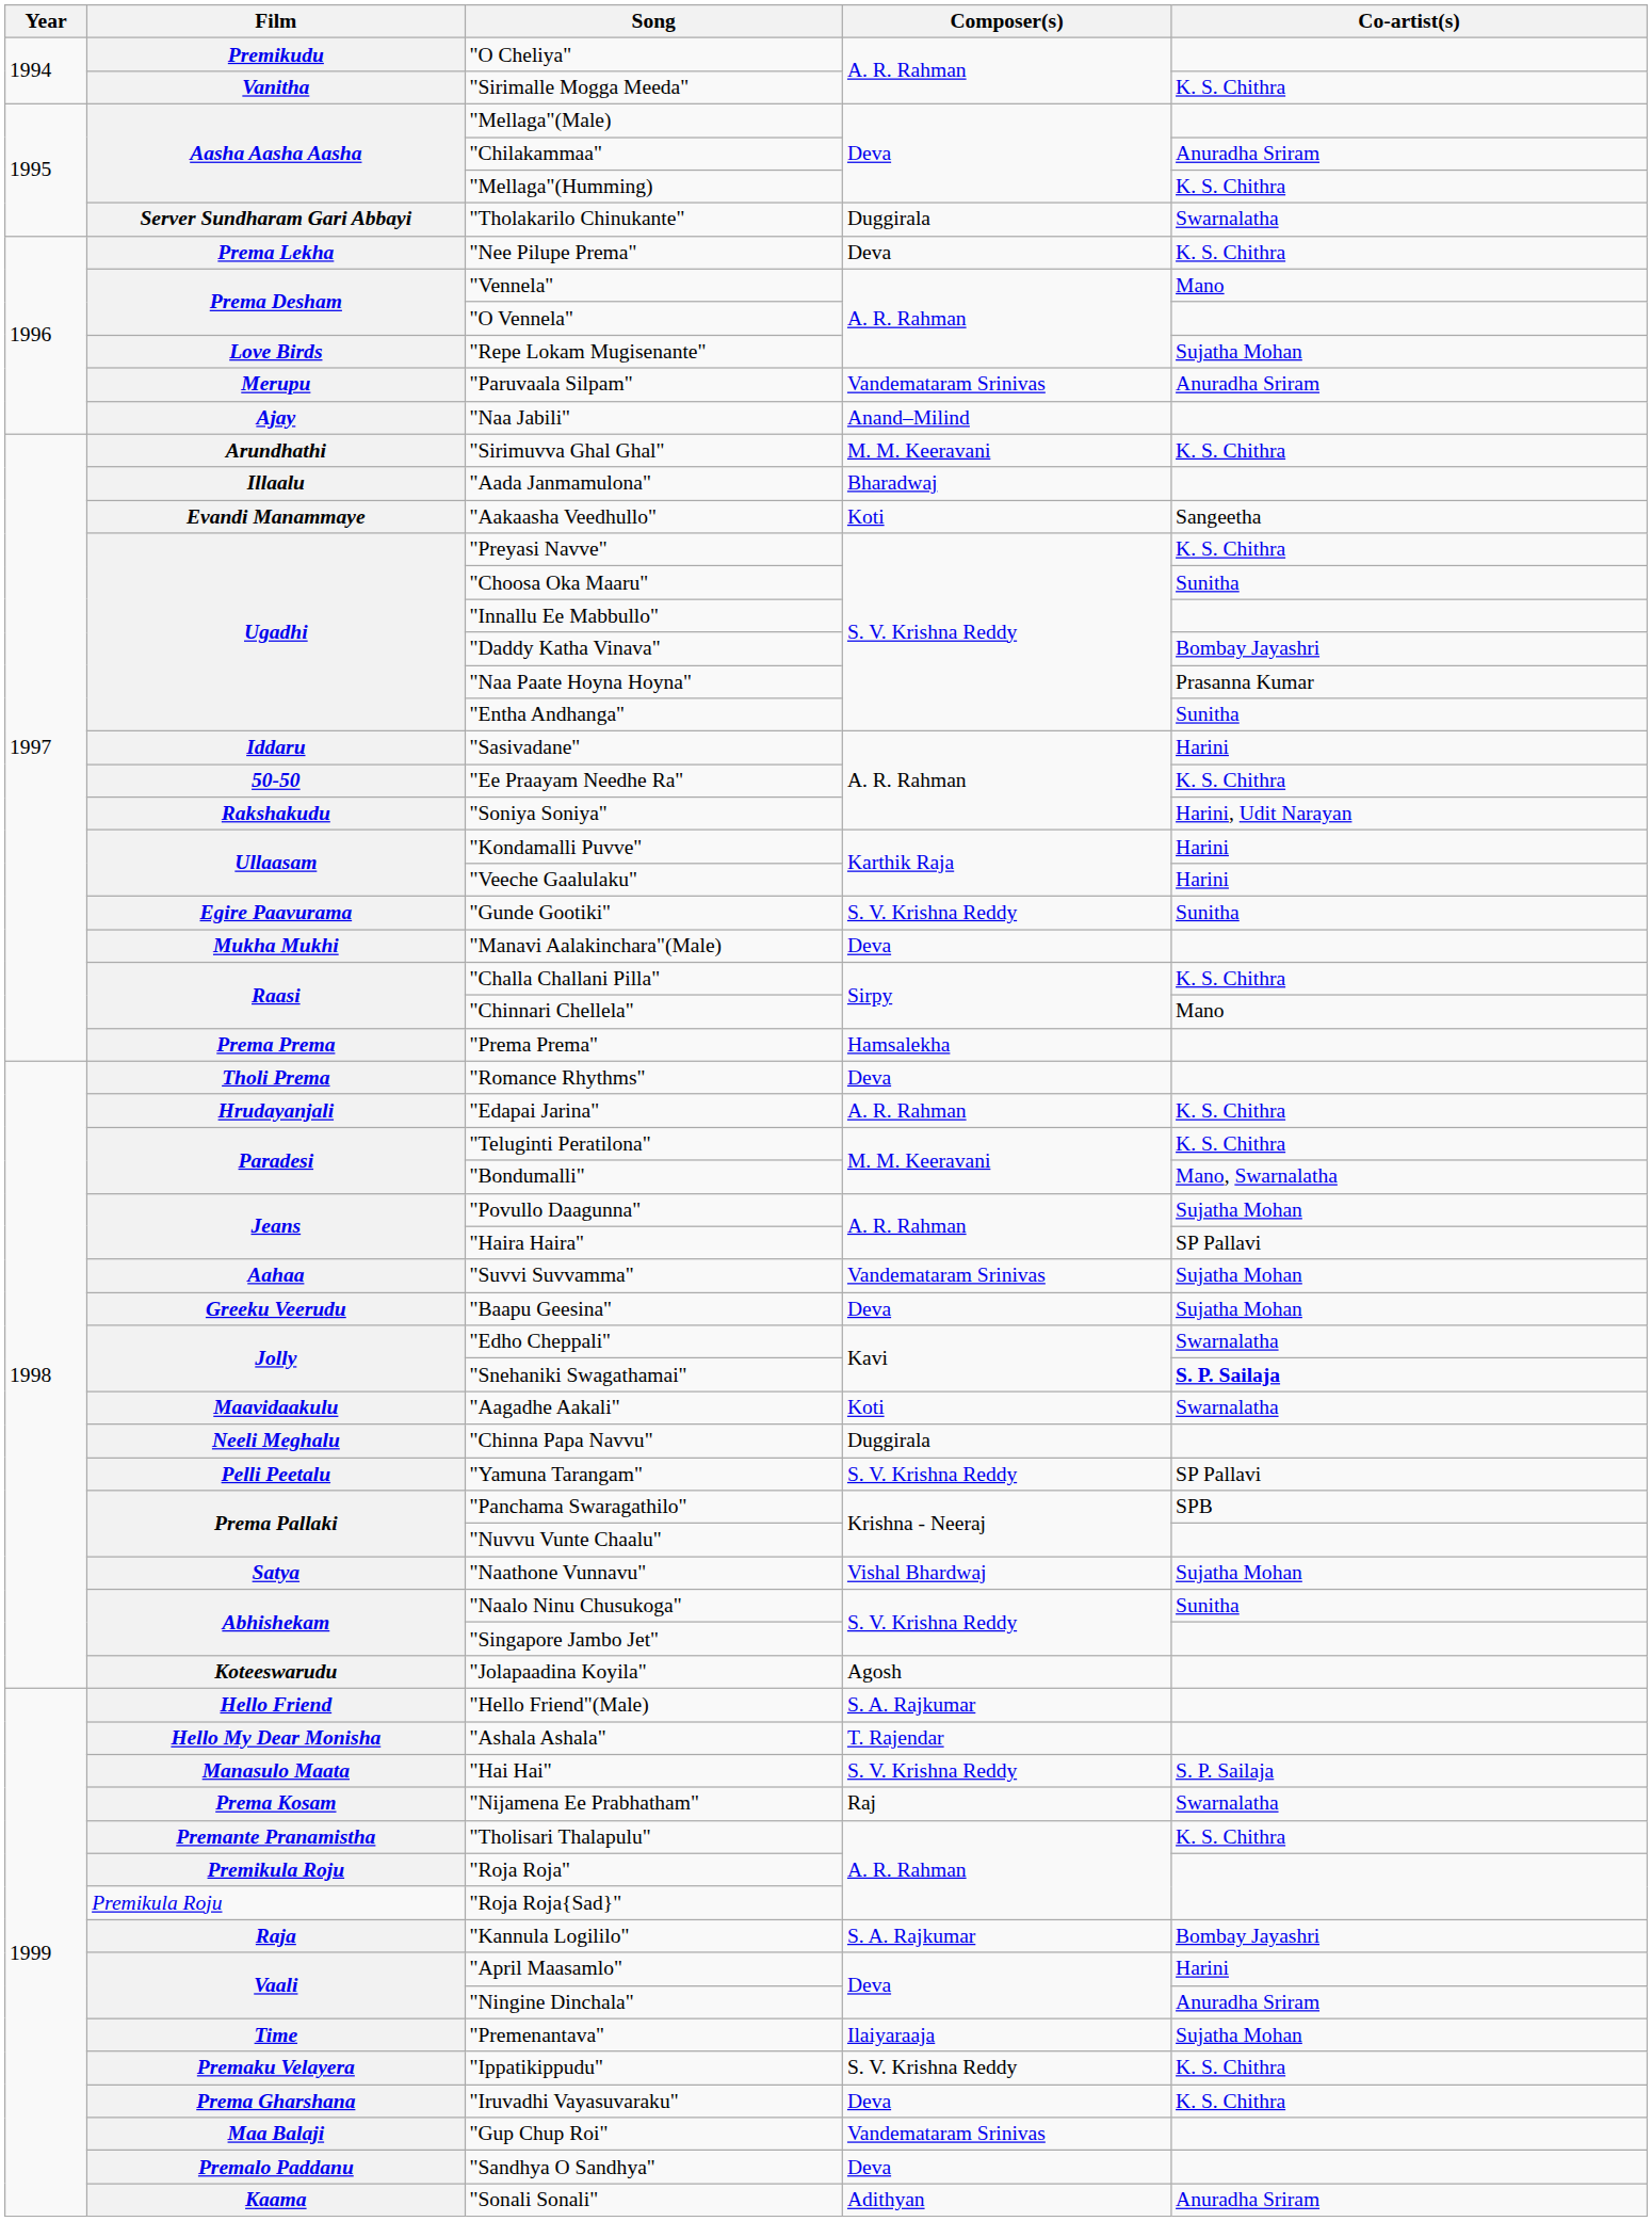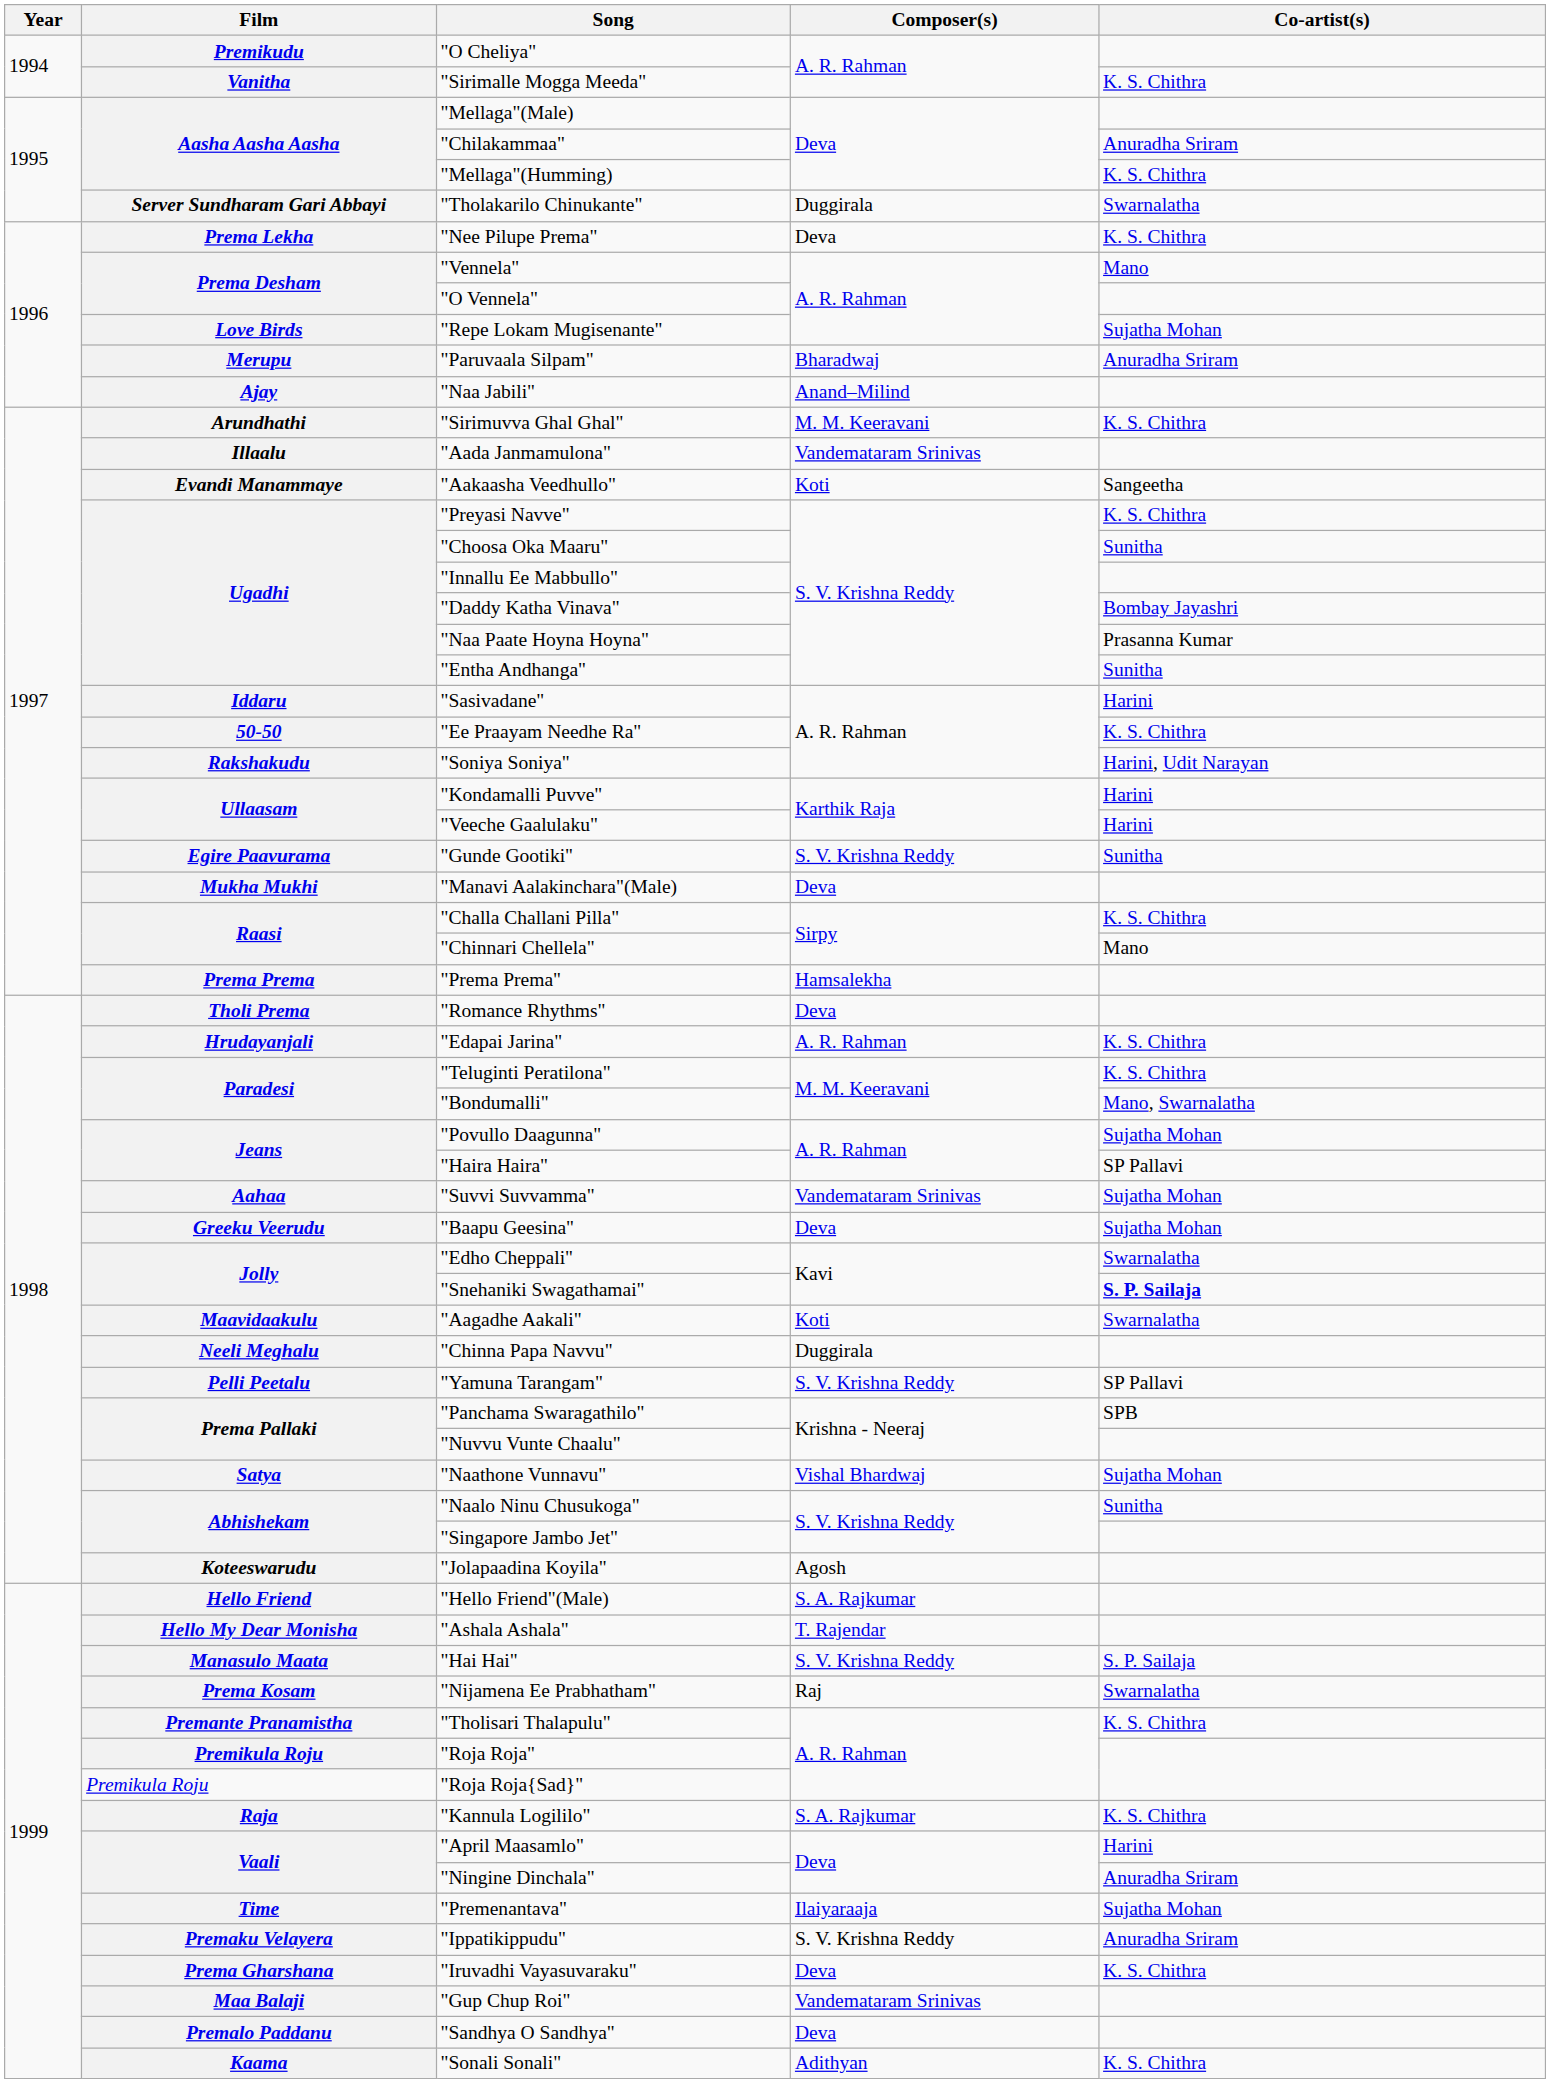 <table class="wikitable plainrowheaders" width="100%" textcolor:#000;">
 <tr style="background:#b0e0e66;">
 <th scope="col" width=5%><strong>Year</strong></th>
 <th scope="col" width=23%><strong>Film</strong></th>
 <th scope="col" width=23%><strong>Song</strong></th>
 <th scope="col" width=20%><strong>Composer(s)</strong></th>
 <th>Co-artist(s)</th>
 </tr>
 <tr>
 <td rowspan="2">1994</td>
 <th><em><a href='#'>Premikudu</a></em></th>
 <td>"O Cheliya"</td>
 <td rowspan="2"><a href='#'>A. R. Rahman</a></td>
 <td></td>
 </tr>
 <tr>
 <th><em><a href='#'>Vanitha</a></em></th>
 <td>"Sirimalle Mogga Meeda"</td>
 <td><a href='#'>K. S. Chithra</a></td>
 </tr>
 <tr>
 <td rowspan="4">1995</td>
 <th rowspan="3"><a href='#'><em>Aasha Aasha Aasha</em></a></th>
 <td>"Mellaga"(Male)</td>
 <td rowspan="3"><a href='#'>Deva</a></td>
 <td></td>
 </tr>
 <tr>
 <td>"Chilakammaa"</td>
 <td><a href='#'>Anuradha Sriram</a></td>
 </tr>
 <tr>
 <td>"Mellaga"(Humming)</td>
 <td><a href='#'>K. S. Chithra</a></td>
 </tr>
 <tr>
 <th><em>Server Sundharam Gari Abbayi</em></th>
 <td>"Tholakarilo Chinukante"</td>
 <td>Duggirala</td>
 <td><a href='#'>Swarnalatha</a></td>
 </tr>
 <tr>
 <td rowspan="6">1996</td>
 <th><em><a href='#'>Prema Lekha</a></em></th>
 <td>"Nee Pilupe Prema"</td>
 <td>Deva</td>
 <td><a href='#'>K. S. Chithra</a></td>
 </tr>
 <tr>
 <th rowspan="2"><em><a href='#'>Prema Desham</a></em></th>
 <td>"Vennela"</td>
 <td rowspan="3"><a href='#'>A. R. Rahman</a></td>
 <td><a href='#'>Mano</a></td>
 </tr>
 <tr>
 <td>"O Vennela"</td>
 <td></td>
 </tr>
 <tr>
 <th><em><a href='#'>Love Birds</a></em></th>
 <td>"Repe Lokam Mugisenante"</td>
 <td><a href='#'>Sujatha Mohan</a></td>
 </tr>
 <tr>
 <th><em><a href='#'>Merupu</a></em></th>
 <td>"Paruvaala Silpam"</td>
-<td><a href='#'>Vandemataram Srinivas</a></td>
+<td><a href='#'>Bharadwaj</a></td>
 <td><a href='#'>Anuradha Sriram</a></td>
 </tr>
 <tr>
 <th><em><a href='#'>Ajay</a></em></th>
 <td>"Naa Jabili"</td>
 <td><a href='#'>Anand–Milind</a></td>
 <td></td>
 </tr>
 <tr>
 <td rowspan="19">1997</td>
 <th><em>Arundhathi</em></th>
 <td>"Sirimuvva Ghal Ghal"</td>
 <td><a href='#'>M. M. Keeravani</a></td>
 <td><a href='#'>K. S. Chithra</a></td>
 </tr>
 <tr>
 <th><em>Illaalu</em></th>
 <td>"Aada Janmamulona"</td>
-<td><a href='#'>Bharadwaj</a></td>
+<td><a href='#'>Vandemataram Srinivas</a></td>
 <td></td>
 </tr>
 <tr>
 <th><em>Evandi Manammaye</em></th>
 <td>"Aakaasha Veedhullo"</td>
 <td><a href='#'>Koti</a></td>
 <td>Sangeetha</td>
 </tr>
 <tr>
 <th rowspan="6"><em><a href='#'>Ugadhi</a></em></th>
 <td>"Preyasi Navve"</td>
 <td rowspan="6"><a href='#'>S. V. Krishna Reddy</a></td>
 <td><a href='#'>K. S. Chithra</a></td>
 </tr>
 <tr>
 <td>"Choosa Oka Maaru"</td>
 <td><a href='#'>Sunitha</a></td>
 </tr>
 <tr>
 <td>"Innallu Ee Mabbullo"</td>
 <td></td>
 </tr>
 <tr>
 <td>"Daddy Katha Vinava"</td>
 <td><a href='#'>Bombay Jayashri</a></td>
 </tr>
 <tr>
 <td>"Naa Paate Hoyna Hoyna"</td>
 <td>Prasanna Kumar</td>
 </tr>
 <tr>
 <td>"Entha Andhanga"</td>
 <td><a href='#'>Sunitha</a></td>
 </tr>
 <tr>
 <th><em><a href='#'>Iddaru</a></em></th>
 <td>"Sasivadane"</td>
 <td rowspan="3">A. R. Rahman</td>
 <td><a href='#'>Harini</a></td>
 </tr>
 <tr>
 <th><em><a href='#'>50-50</a></em></th>
 <td>"Ee Praayam Needhe Ra"</td>
 <td><a href='#'>K. S. Chithra</a></td>
 </tr>
 <tr>
 <th><em><a href='#'>Rakshakudu</a></em></th>
 <td>"Soniya Soniya"</td>
 <td><a href='#'>Harini</a>, <a href='#'>Udit Narayan</a></td>
 </tr>
 <tr>
 <th rowspan="2"><em><a href='#'>Ullaasam</a></em></th>
 <td>"Kondamalli Puvve"</td>
 <td rowspan="2"><a href='#'>Karthik Raja</a></td>
 <td><a href='#'>Harini</a></td>
 </tr>
 <tr>
 <td>"Veeche Gaalulaku"</td>
 <td><a href='#'>Harini</a></td>
 </tr>
 <tr>
 <th><em><a href='#'>Egire Paavurama</a></em></th>
 <td>"Gunde Gootiki"</td>
 <td><a href='#'>S. V. Krishna Reddy</a></td>
 <td><a href='#'>Sunitha</a></td>
 </tr>
 <tr>
 <th><a href='#'><em>Mukha Mukhi</em></a></th>
 <td>"Manavi Aalakinchara"(Male)</td>
 <td><a href='#'>Deva</a></td>
 <td></td>
 </tr>
 <tr>
 <th rowspan="2"><em><a href='#'>Raasi</a></em></th>
 <td>"Challa Challani Pilla"</td>
 <td rowspan="2"><a href='#'>Sirpy</a></td>
 <td><a href='#'>K. S. Chithra</a></td>
 </tr>
 <tr>
 <td>"Chinnari Chellela"</td>
 <td>Mano</td>
 </tr>
 <tr>
 <th><a href='#'><em>Prema Prema</em></a></th>
 <td>"Prema Prema"</td>
 <td><a href='#'>Hamsalekha</a></td>
 <td></td>
 </tr>
 <tr>
 <td rowspan="19">1998</td>
 <th><em><a href='#'>Tholi Prema</a></em></th>
 <td>"Romance Rhythms"</td>
 <td><a href='#'>Deva</a></td>
 <td></td>
 </tr>
 <tr>
 <th><em><a href='#'>Hrudayanjali</a></em></th>
 <td>"Edapai Jarina"</td>
 <td><a href='#'>A. R. Rahman</a></td>
 <td><a href='#'>K. S. Chithra</a></td>
 </tr>
 <tr>
 <th rowspan="2"><em><a href='#'>Paradesi</a></em></th>
 <td>"Teluginti Peratilona"</td>
 <td rowspan="2"><a href='#'>M. M. Keeravani</a></td>
 <td><a href='#'>K. S. Chithra</a></td>
 </tr>
 <tr>
 <td>"Bondumalli"</td>
 <td><a href='#'>Mano</a>, <a href='#'>Swarnalatha</a></td>
 </tr>
 <tr>
 <th rowspan="2"><em><a href='#'>Jeans</a></em></th>
 <td>"Povullo Daagunna"</td>
 <td rowspan="2"><a href='#'>A. R. Rahman</a></td>
 <td><a href='#'>Sujatha Mohan</a></td>
 </tr>
 <tr>
 <td>"Haira Haira"</td>
 <td>SP Pallavi</td>
 </tr>
 <tr>
 <th><em><a href='#'>Aahaa</a></em></th>
 <td>"Suvvi Suvvamma"</td>
 <td><a href='#'>Vandemataram Srinivas</a></td>
 <td><a href='#'>Sujatha Mohan</a></td>
 </tr>
 <tr>
 <th><a href='#'><em>Greeku Veerudu</em></a></th>
 <td>"Baapu Geesina"</td>
 <td><a href='#'>Deva</a></td>
 <td><a href='#'>Sujatha Mohan</a></td>
 </tr>
 <tr>
 <th rowspan="2"><em><a href='#'>Jolly</a></em></th>
 <td>"Edho Cheppali"</td>
 <td rowspan="2">Kavi</td>
 <td><a href='#'>Swarnalatha</a></td>
 </tr>
 <tr>
 <td>"Snehaniki Swagathamai"</td>
 <td><strong><a href='#'>S. P. Sailaja</a></strong></td>
 </tr>
 <tr>
 <th><em><a href='#'>Maavidaakulu</a></em></th>
 <td>"Aagadhe Aakali"</td>
 <td><a href='#'>Koti</a></td>
 <td><a href='#'>Swarnalatha</a></td>
 </tr>
 <tr>
 <th><a href='#'><em>Neeli Meghalu</em></a></th>
 <td>"Chinna Papa Navvu"</td>
 <td>Duggirala</td>
 <td></td>
 </tr>
 <tr>
 <th><em><a href='#'>Pelli Peetalu</a></em></th>
 <td>"Yamuna Tarangam"</td>
 <td><a href='#'>S. V. Krishna Reddy</a></td>
 <td>SP Pallavi</td>
 </tr>
 <tr>
 <th rowspan="2"><em>Prema Pallaki</em></th>
 <td>"Panchama Swaragathilo"</td>
 <td rowspan="2">Krishna - Neeraj</td>
 <td>SPB</td>
 </tr>
 <tr>
 <td>"Nuvvu Vunte Chaalu"</td>
 <td></td>
 </tr>
 <tr>
 <th><em><a href='#'>Satya</a></em></th>
 <td>"Naathone Vunnavu"</td>
 <td><a href='#'>Vishal Bhardwaj</a></td>
 <td><a href='#'>Sujatha Mohan</a></td>
 </tr>
 <tr>
 <th rowspan="2"><em><a href='#'>Abhishekam</a></em></th>
 <td>"Naalo Ninu Chusukoga"</td>
 <td rowspan="2"><a href='#'>S. V. Krishna Reddy</a></td>
 <td><a href='#'>Sunitha</a></td>
 </tr>
 <tr>
 <td>"Singapore Jambo Jet"</td>
 <td></td>
 </tr>
 <tr>
 <th><em>Koteeswarudu</em></th>
 <td>"Jolapaadina Koyila"</td>
 <td>Agosh</td>
 <td></td>
 </tr>
 <tr>
 <td rowspan="16">1999</td>
 <th><a href='#'><em>Hello Friend</em></a></th>
 <td>"Hello Friend"(Male)</td>
 <td><a href='#'>S. A. Rajkumar</a></td>
 <td></td>
 </tr>
 <tr>
 <th><a href='#'><em>Hello My Dear Monisha</em></a></th>
 <td>"Ashala Ashala"</td>
 <td><a href='#'>T. Rajendar</a></td>
 <td></td>
 </tr>
 <tr>
 <th><em><a href='#'>Manasulo Maata</a></em></th>
 <td>"Hai Hai"</td>
 <td><a href='#'>S. V. Krishna Reddy</a></td>
 <td><a href='#'>S. P. Sailaja</a></td>
 </tr>
 <tr>
 <th><a href='#'><em>Prema Kosam</em></a></th>
 <td>"Nijamena Ee Prabhatham"</td>
 <td>Raj</td>
 <td><a href='#'>Swarnalatha</a></td>
 </tr>
 <tr>
 <th><em><a href='#'>Premante Pranamistha</a></em></th>
 <td>"Tholisari Thalapulu"</td>
 <td rowspan="3"><a href='#'>A. R. Rahman</a></td>
 <td><a href='#'>K. S. Chithra</a></td>
 </tr>
 <tr>
 <th><em><a href='#'>Premikula Roju</a></em></th>
 <td>"Roja Roja"</td>
 </tr>
 <tr>
 <td><em><a href='#'>Premikula Roju</a></em></td>
 <td>"Roja Roja{Sad}"</td>
 </tr>
 <tr>
 <th><em><a href='#'>Raja</a></em></th>
 <td>"Kannula Logililo"</td>
 <td><a href='#'>S. A. Rajkumar</a></td>
-<td><a href='#'>Bombay Jayashri</a></td>
+<td><a href='#'>K. S. Chithra</a></td>
 </tr>
 <tr>
 <th rowspan="2"><em><a href='#'>Vaali</a></em></th>
 <td>"April Maasamlo"</td>
 <td rowspan="2"><a href='#'>Deva</a></td>
 <td><a href='#'>Harini</a></td>
 </tr>
 <tr>
 <td>"Ningine Dinchala"</td>
 <td><a href='#'>Anuradha Sriram</a></td>
 </tr>
 <tr>
 <th><em><a href='#'>Time</a></em></th>
 <td>"Premenantava"</td>
 <td><a href='#'>Ilaiyaraaja</a></td>
 <td><a href='#'>Sujatha Mohan</a></td>
 </tr>
 <tr>
 <th><em><a href='#'>Premaku Velayera</a></em></th>
 <td>"Ippatikippudu"</td>
 <td>S. V. Krishna Reddy</td>
-<td><a href='#'>K. S. Chithra</a></td>
+<td><a href='#'>Anuradha Sriram</a></td>
 </tr>
 <tr>
 <th><a href='#'><em>Prema Gharshana</em></a></th>
 <td>"Iruvadhi Vayasuvaraku"</td>
 <td><a href='#'>Deva</a></td>
 <td><a href='#'>K. S. Chithra</a></td>
 </tr>
 <tr>
 <th><em><a href='#'>Maa Balaji</a></em></th>
 <td>"Gup Chup Roi"</td>
 <td><a href='#'>Vandemataram Srinivas</a></td>
 <td></td>
 </tr>
 <tr>
 <th><a href='#'><em>Premalo Paddanu</em></a></th>
 <td>"Sandhya O Sandhya"</td>
 <td><a href='#'>Deva</a></td>
 <td></td>
 </tr>
 <tr>
 <th><em><a href='#'>Kaama</a></em></th>
 <td>"Sonali Sonali"</td>
 <td><a href='#'>Adithyan</a></td>
-<td><a href='#'>Anuradha Sriram</a></td>
+<td><a href='#'>K. S. Chithra</a></td>
 </tr>
 </table>
